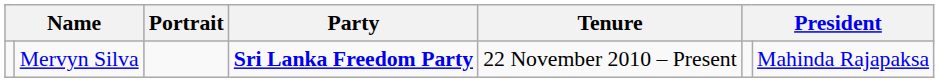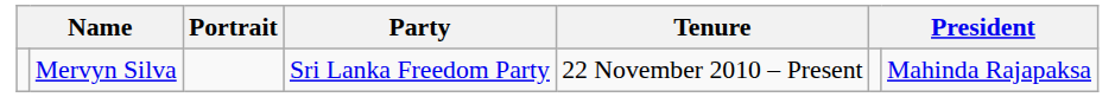 <table class="wikitable" style="margin: 1em auto; font-size:90%; text-align:center;">
 <tr>
 <th colspan="2">Name</th>
 <th>Portrait</th>
 <th>Party</th>
 <th>Tenure</th>
 <th colspan="2"><a href='#'>President</a></th>
 </tr>
 <tr>
 <td !align="center" style="background:"></td>
 <td><a href='#'>Mervyn Silva</a></td>
 <td></td>
-<td><strong><a href='#'>Sri Lanka Freedom Party</a></strong></td>
+<td><a href='#'>Sri Lanka Freedom Party</a></td>
 <td>22 November 2010 – Present</td>
 <td !align="center" style="background:"></td>
 <td><a href='#'>Mahinda Rajapaksa</a></td>
 </tr>
 </table>
